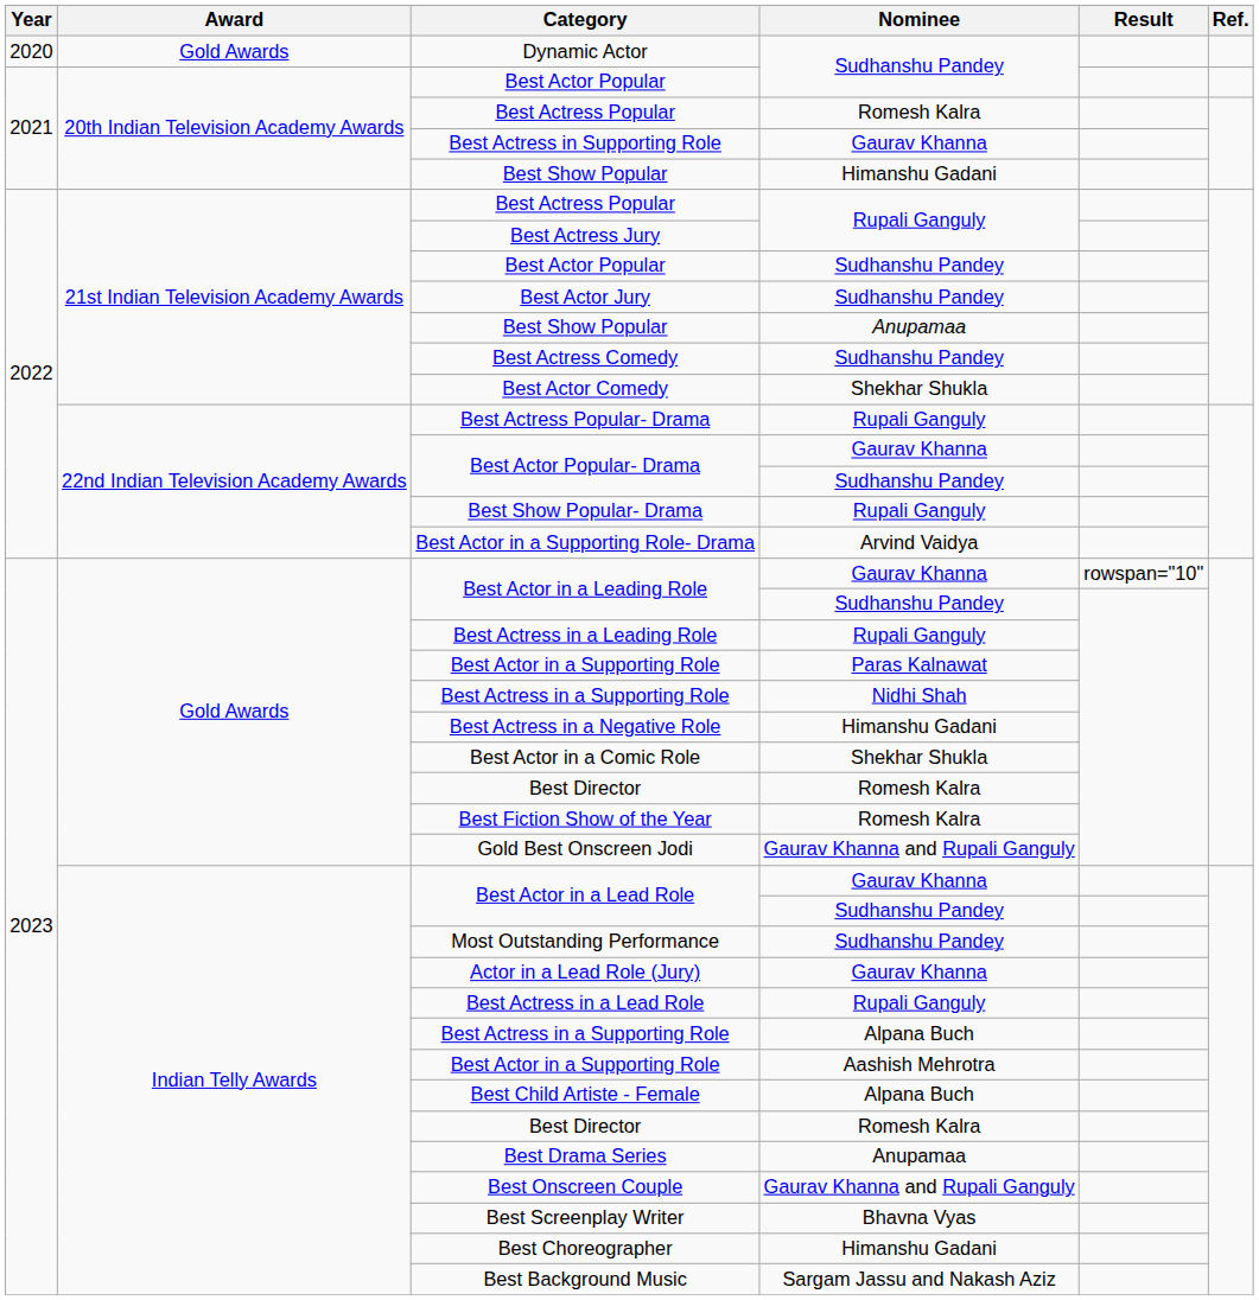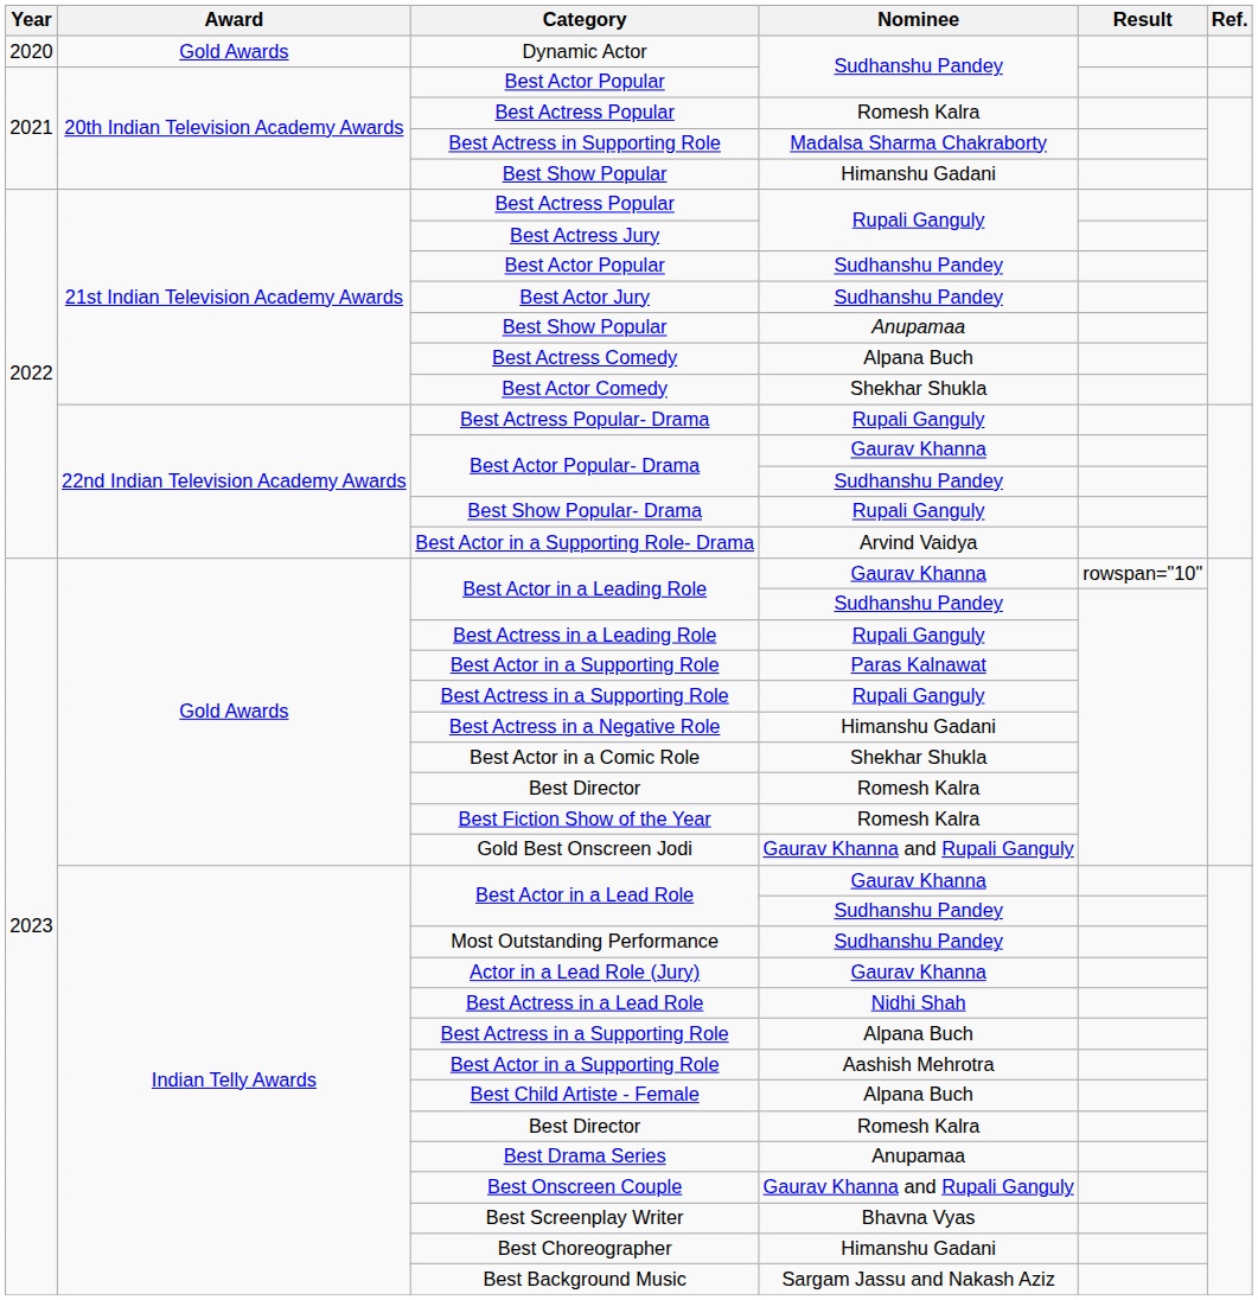 <table class="wikitable" style="text-align:center;">
 <tr>
 <th>Year</th>
 <th>Award</th>
 <th>Category</th>
 <th>Nominee</th>
 <th>Result</th>
 <th>Ref.</th>
 </tr>
 <tr>
 <td>2020</td>
 <td><a href='#'>Gold Awards</a></td>
 <td>Dynamic Actor</td>
 <td rowspan=2><a href='#'>Sudhanshu Pandey</a></td>
 <td></td>
 <td></td>
 </tr>
 <tr>
 <td rowspan="4">2021</td>
 <td rowspan="4"><a href='#'>20th Indian Television Academy Awards</a></td>
 <td><a href='#'>Best Actor Popular</a></td>
 <td></td>
 <td></td>
 </tr>
 <tr>
 <td><a href='#'>Best Actress Popular</a></td>
 <td>Romesh Kalra</td>
 <td></td>
 <td rowspan="3"></td>
 </tr>
 <tr>
 <td><a href='#'>Best Actress in Supporting Role</a></td>
-<td><a href='#'>Gaurav Khanna</a></td>
+<td><a href='#'>Madalsa Sharma Chakraborty</a></td>
 <td></td>
 </tr>
 <tr>
 <td><a href='#'>Best Show Popular</a></td>
 <td>Himanshu Gadani</td>
 <td></td>
 </tr>
 <tr>
 <td rowspan="12">2022</td>
 <td rowspan="7"><a href='#'>21st Indian Television Academy Awards</a></td>
 <td><a href='#'>Best Actress Popular</a></td>
 <td rowspan="2"><a href='#'>Rupali Ganguly</a></td>
 <td></td>
 <td rowspan="7"></td>
 </tr>
 <tr>
 <td><a href='#'>Best Actress Jury</a></td>
 <td></td>
 </tr>
 <tr>
 <td><a href='#'>Best Actor Popular</a></td>
 <td><a href='#'>Sudhanshu Pandey</a></td>
 <td></td>
 </tr>
 <tr>
 <td><a href='#'>Best Actor Jury</a></td>
 <td><a href='#'>Sudhanshu Pandey</a></td>
 <td></td>
 </tr>
 <tr>
 <td><a href='#'>Best Show Popular</a></td>
 <td><em>Anupamaa</em></td>
 <td></td>
 </tr>
 <tr>
 <td><a href='#'>Best Actress Comedy</a></td>
-<td><a href='#'>Sudhanshu Pandey</a></td>
+<td>Alpana Buch</td>
 <td></td>
 </tr>
 <tr>
 <td><a href='#'>Best Actor Comedy</a></td>
 <td>Shekhar Shukla</td>
 <td></td>
 </tr>
 <tr>
 <td rowspan="5"><a href='#'>22nd Indian Television Academy Awards</a></td>
 <td><a href='#'>Best Actress Popular- Drama</a></td>
 <td><a href='#'>Rupali Ganguly</a></td>
 <td></td>
 <td rowspan="5"></td>
 </tr>
 <tr>
 <td rowspan="2"><a href='#'>Best Actor Popular- Drama</a></td>
 <td><a href='#'>Gaurav Khanna</a></td>
 <td></td>
 </tr>
 <tr>
 <td><a href='#'>Sudhanshu Pandey</a></td>
 <td></td>
 </tr>
 <tr>
 <td><a href='#'>Best Show Popular- Drama</a></td>
 <td><a href='#'>Rupali Ganguly</a></td>
 <td></td>
 </tr>
 <tr>
 <td><a href='#'>Best Actor in a Supporting Role- Drama</a></td>
 <td>Arvind Vaidya</td>
 <td></td>
 </tr>
 <tr>
 <td rowspan="25">2023</td>
 <td rowspan="10"><a href='#'>Gold Awards</a></td>
 <td rowspan="2"><a href='#'>Best Actor in a Leading Role</a></td>
 <td><a href='#'>Gaurav Khanna</a></td>
 <td>rowspan="10"</td>
 <td rowspan="10"></td>
 </tr>
 <tr>
 <td><a href='#'>Sudhanshu Pandey</a></td>
 </tr>
 <tr>
 <td><a href='#'>Best Actress in a Leading Role</a></td>
 <td><a href='#'>Rupali Ganguly</a></td>
 </tr>
 <tr>
 <td><a href='#'>Best Actor in a Supporting Role</a></td>
 <td><a href='#'>Paras Kalnawat</a></td>
 </tr>
 <tr>
 <td><a href='#'>Best Actress in a Supporting Role</a></td>
-<td><a href='#'>Nidhi Shah</a></td>
+<td><a href='#'>Rupali Ganguly</a></td>
 </tr>
 <tr>
 <td><a href='#'>Best Actress in a Negative Role</a></td>
 <td>Himanshu Gadani</td>
 </tr>
 <tr>
 <td>Best Actor in a Comic Role</td>
 <td>Shekhar Shukla</td>
 </tr>
 <tr>
 <td>Best Director</td>
 <td>Romesh Kalra</td>
 </tr>
 <tr>
 <td><a href='#'>Best Fiction Show of the Year</a></td>
 <td>Romesh Kalra</td>
 </tr>
 <tr>
 <td>Gold Best Onscreen Jodi</td>
 <td><a href='#'>Gaurav Khanna</a> and <a href='#'>Rupali Ganguly</a></td>
 </tr>
 <tr>
 <td rowspan="14"><a href='#'>Indian Telly Awards</a></td>
 <td rowspan="2"><a href='#'>Best Actor in a Lead Role</a></td>
 <td><a href='#'>Gaurav Khanna</a></td>
 <td></td>
 <td rowspan="14"></td>
 </tr>
 <tr>
 <td><a href='#'>Sudhanshu Pandey</a></td>
 <td></td>
 </tr>
 <tr>
 <td>Most Outstanding Performance</td>
 <td><a href='#'>Sudhanshu Pandey</a></td>
 <td></td>
 </tr>
 <tr>
 <td><a href='#'>Actor in a Lead Role (Jury)</a></td>
 <td><a href='#'>Gaurav Khanna</a></td>
 <td></td>
 </tr>
 <tr>
 <td><a href='#'>Best Actress in a Lead Role</a></td>
-<td><a href='#'>Rupali Ganguly</a></td>
+<td><a href='#'>Nidhi Shah</a></td>
 <td></td>
 </tr>
 <tr>
 <td><a href='#'>Best Actress in a Supporting Role</a></td>
 <td>Alpana Buch</td>
 <td></td>
 </tr>
 <tr>
 <td><a href='#'>Best Actor in a Supporting Role</a></td>
 <td>Aashish Mehrotra</td>
 <td></td>
 </tr>
 <tr>
 <td><a href='#'>Best Child Artiste - Female</a></td>
 <td>Alpana Buch</td>
 <td></td>
 </tr>
 <tr>
 <td>Best Director</td>
 <td>Romesh Kalra</td>
 <td></td>
 </tr>
 <tr>
 <td><a href='#'>Best Drama Series</a></td>
 <td>Anupamaa</td>
 <td></td>
 </tr>
 <tr>
 <td><a href='#'>Best Onscreen Couple</a></td>
 <td><a href='#'>Gaurav Khanna</a> and <a href='#'>Rupali Ganguly</a></td>
 <td></td>
 </tr>
 <tr>
 <td>Best Screenplay Writer</td>
 <td>Bhavna Vyas</td>
 <td></td>
 </tr>
 <tr>
 <td>Best Choreographer</td>
 <td>Himanshu Gadani</td>
 <td></td>
 </tr>
 <tr>
 <td>Best Background Music</td>
 <td>Sargam Jassu and Nakash Aziz</td>
 <td></td>
 </tr>
 </table>
